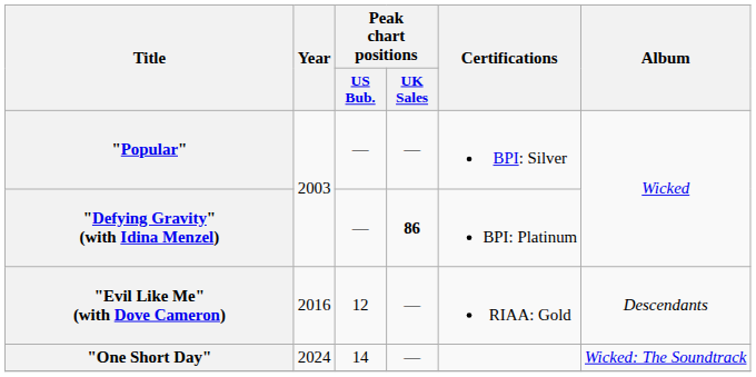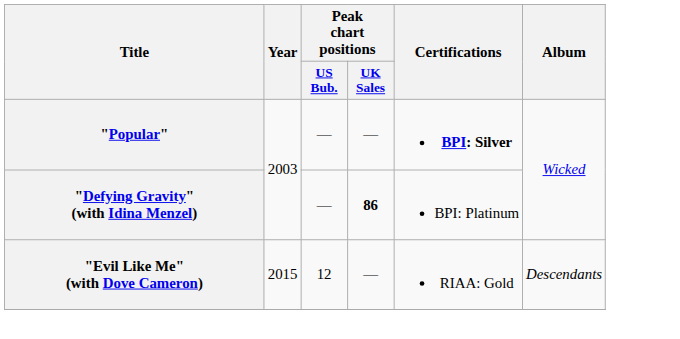 <table class="wikitable plainrowheaders" style="text-align:center">
 <tr>
 <th rowspan="2" scope="col" style="width:17em;">Title</th>
 <th rowspan="2" scope="col">Year</th>
 <th colspan="2" scope="col">Peak<br>chart positions</th>
 <th rowspan="2" scope="col">Certifications</th>
 <th rowspan="2" scope="col">Album</th>
 </tr>
 <tr>
 <th scope="col" style="width:3em;font-size:90%;"><a href='#'>US<br>Bub.</a><br></th>
 <th scope="col" style="width:3em;font-size:90%;"><a href='#'>UK<br>Sales</a><br></th>
 </tr>
 <tr>
 <th scope="row">"<a href='#'>Popular</a>"</th>
 <td rowspan="2">2003</td>
 <td>—</td>
 <td>—</td>
-<td><br><ul><li><a href='#'>BPI</a>: Silver</li></ul></td>
+<td><strong><br><ul><li><a href='#'>BPI</a>: Silver</li></ul></strong></td>
 <td rowspan="2"><em><a href='#'>Wicked</a></em></td>
 </tr>
 <tr>
 <th scope="row">"<a href='#'>Defying Gravity</a>"<br><span>(with <a href='#'>Idina Menzel</a>)</span></th>
 <td>—</td>
 <td><strong>86</strong></td>
 <td><br><ul><li>BPI: Platinum</li></ul></td>
 </tr>
 <tr>
 <th scope="row">"Evil Like Me"<br><span>(with <a href='#'>Dove Cameron</a>)</span></th>
-<td>2016</td>
+<td>2015</td>
 <td>12</td>
 <td>—</td>
 <td><br><ul><li>RIAA: Gold</li></ul></td>
 <td><em>Descendants</em></td>
 </tr>
 <tr>
-<th scope="row">"One Short Day"<br></th>
-<td>2024</td>
-<td>14</td>
-<td>—</td>
-<td></td>
-<td><em><a href='#'>Wicked: The Soundtrack</a></em></td>
-</tr>
-<tr>
 </tr>
 </table>
